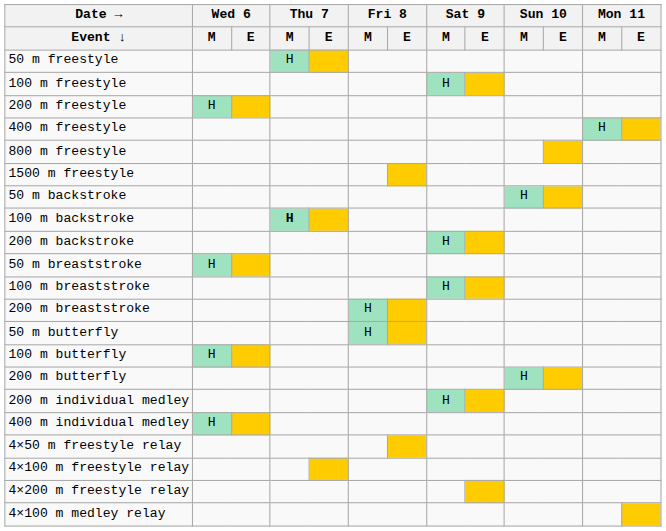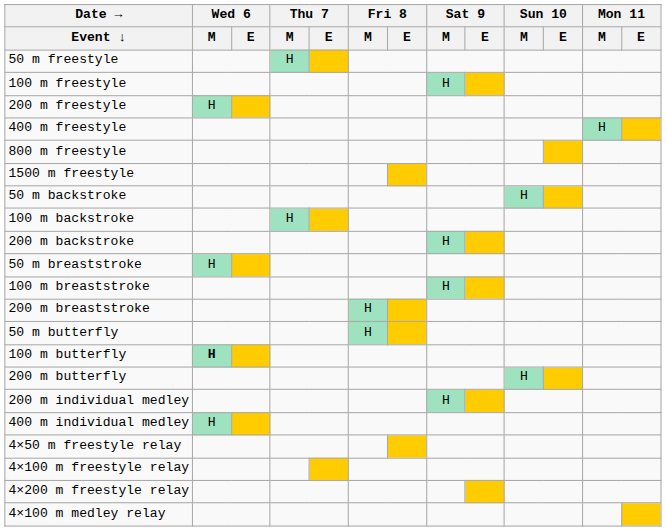 <table class="wikitable" style="margin:0.5em auto; font-size:95%; line-height:1.25em;">
 <tr style="text-align:center;">
 <th>Date →</th>
 <th colspan="2">Wed 6</th>
 <th colspan="2">Thu 7</th>
 <th colspan="2">Fri 8</th>
 <th colspan="2">Sat 9</th>
 <th colspan="2">Sun 10</th>
 <th colspan="2">Mon 11</th>
 </tr>
 <tr>
 <th>Event   ↓</th>
 <th style="width:2.5em;">M</th>
 <th style="width:2.5em;">E</th>
 <th style="width:2.5em;">M</th>
 <th style="width:2.5em;">E</th>
 <th style="width:2.5em;">M</th>
 <th style="width:2.5em;">E</th>
 <th style="width:2.5em;">M</th>
 <th style="width:2.5em;">E</th>
 <th style="width:2.5em;">M</th>
 <th style="width:2.5em;">E</th>
 <th style="width:2.5em;">M</th>
 <th style="width:2.5em;">E</th>
 </tr>
 <tr style="text-align:center;">
 <td style="text-align:left;">50 m freestyle</td>
 <td colspan="2"></td>
 <td style="background-color:#9fe2bf;">H</td>
 <td style="background-color:#ffcc00;"></td>
 <td colspan="2"></td>
 <td colspan="2"></td>
 <td colspan="2"></td>
 <td colspan="2"></td>
 </tr>
 <tr style="text-align:center;">
 <td style="text-align:left;">100 m freestyle</td>
 <td colspan="2"></td>
 <td colspan="2"></td>
 <td colspan="2"></td>
 <td style="background-color:#9fe2bf;">H</td>
 <td style="background-color:#ffcc00;"></td>
 <td colspan="2"></td>
 <td colspan="2"></td>
 </tr>
 <tr style="text-align:center;">
 <td style="text-align:left;">200 m freestyle</td>
 <td style="background-color:#9fe2bf;">H</td>
 <td style="background-color:#ffcc00;"></td>
 <td colspan="2"></td>
 <td colspan="2"></td>
 <td colspan="2"></td>
 <td colspan="2"></td>
 <td colspan="2"></td>
 </tr>
 <tr style="text-align:center;">
 <td style="text-align:left;">400 m freestyle</td>
 <td colspan="2"></td>
 <td colspan="2"></td>
 <td colspan="2"></td>
 <td colspan="2"></td>
 <td colspan="2"></td>
 <td style="background-color:#9fe2bf;">H</td>
 <td style="background-color:#ffcc00;"></td>
 </tr>
 <tr style="text-align:center;">
 <td style="text-align:left;">800 m freestyle</td>
 <td colspan="2"></td>
 <td colspan="2"></td>
 <td colspan="2"></td>
 <td colspan="2"></td>
 <td></td>
 <td style="background-color:#ffcc00;"></td>
 <td colspan="2"></td>
 </tr>
 <tr style="text-align:center;">
 <td style="text-align:left;">1500 m freestyle</td>
 <td colspan="2"></td>
 <td colspan="2"></td>
 <td></td>
 <td style="background-color:#ffcc00;"></td>
 <td colspan="2"></td>
 <td colspan="2"></td>
 <td colspan="2"></td>
 </tr>
 <tr style="text-align:center;">
 <td style="text-align:left;">50 m backstroke</td>
 <td colspan="2"></td>
 <td colspan="2"></td>
 <td colspan="2"></td>
 <td colspan="2"></td>
 <td style="background-color:#9fe2bf;">H</td>
 <td style="background-color:#ffcc00;"></td>
 <td colspan="2"></td>
 </tr>
 <tr style="text-align:center;">
 <td style="text-align:left;">100 m backstroke</td>
 <td colspan="2"></td>
-<td style="background-color:#9fe2bf;"><strong>H</strong></td>
+<td style="background-color:#9fe2bf;">H</td>
 <td style="background-color:#ffcc00;"></td>
 <td colspan="2"></td>
 <td colspan="2"></td>
 <td colspan="2"></td>
 <td colspan="2"></td>
 </tr>
 <tr style="text-align:center;">
 <td style="text-align:left;">200 m backstroke</td>
 <td colspan="2"></td>
 <td colspan="2"></td>
 <td colspan="2"></td>
 <td style="background-color:#9fe2bf;">H</td>
 <td style="background-color:#ffcc00;"></td>
 <td colspan="2"></td>
 <td colspan="2"></td>
 </tr>
 <tr style="text-align:center;">
 <td style="text-align:left;">50 m breaststroke</td>
 <td style="background-color:#9fe2bf;">H</td>
 <td style="background-color:#ffcc00;"></td>
 <td colspan="2"></td>
 <td colspan="2"></td>
 <td colspan="2"></td>
 <td colspan="2"></td>
 <td colspan="2"></td>
 </tr>
 <tr style="text-align:center;">
 <td style="text-align:left;">100 m breaststroke</td>
 <td colspan="2"></td>
 <td colspan="2"></td>
 <td colspan="2"></td>
 <td style="background-color:#9fe2bf;">H</td>
 <td style="background-color:#ffcc00;"></td>
 <td colspan="2"></td>
 <td colspan="2"></td>
 </tr>
 <tr style="text-align:center;">
 <td style="text-align:left;">200 m breaststroke</td>
 <td colspan="2"></td>
 <td colspan="2"></td>
 <td style="background-color:#9fe2bf;">H</td>
 <td style="background-color:#ffcc00;"></td>
 <td colspan="2"></td>
 <td colspan="2"></td>
 <td colspan="2"></td>
 </tr>
 <tr style="text-align:center;">
 <td style="text-align:left;">50 m butterfly</td>
 <td colspan="2"></td>
 <td colspan="2"></td>
 <td style="background-color:#9fe2bf;">H</td>
 <td style="background-color:#ffcc00;"></td>
 <td colspan="2"></td>
 <td colspan="2"></td>
 <td colspan="2"></td>
 </tr>
 <tr style="text-align:center;">
 <td style="text-align:left;">100 m butterfly</td>
-<td style="background-color:#9fe2bf;">H</td>
+<td style="background-color:#9fe2bf;"><strong>H</strong></td>
 <td style="background-color:#ffcc00;"></td>
 <td colspan="2"></td>
 <td colspan="2"></td>
 <td colspan="2"></td>
 <td colspan="2"></td>
 <td colspan="2"></td>
 </tr>
 <tr style="text-align:center;">
 <td style="text-align:left;">200 m butterfly</td>
 <td colspan="2"></td>
 <td colspan="2"></td>
 <td colspan="2"></td>
 <td colspan="2"></td>
 <td style="background-color:#9fe2bf;">H</td>
 <td style="background-color:#ffcc00;"></td>
 <td colspan="2"></td>
 </tr>
 <tr style="text-align:center;">
 <td style="text-align:left;">200 m individual medley</td>
 <td colspan="2"></td>
 <td colspan="2"></td>
 <td colspan="2"></td>
 <td style="background-color:#9fe2bf;">H</td>
 <td style="background-color:#ffcc00;"></td>
 <td colspan="2"></td>
 <td colspan="2"></td>
 </tr>
 <tr style="text-align:center;">
 <td style="text-align:left;">400 m individual medley</td>
 <td style="background-color:#9fe2bf;">H</td>
 <td style="background-color:#ffcc00;"></td>
 <td colspan="2"></td>
 <td colspan="2"></td>
 <td colspan="2"></td>
 <td colspan="2"></td>
 <td colspan="2"></td>
 </tr>
 <tr style="text-align:center;">
 <td style="text-align:left;">4×50 m freestyle relay</td>
 <td colspan="2"></td>
 <td colspan="2"></td>
 <td></td>
 <td style="background-color:#ffcc00;"></td>
 <td colspan="2"></td>
 <td colspan="2"></td>
 <td colspan="2"></td>
 </tr>
 <tr style="text-align:center;">
 <td style="text-align:left;">4×100 m freestyle relay</td>
 <td colspan="2"></td>
 <td></td>
 <td style="background-color:#ffcc00;"></td>
 <td colspan="2"></td>
 <td colspan="2"></td>
 <td colspan="2"></td>
 <td colspan="2"></td>
 </tr>
 <tr style="text-align:center;">
 <td style="text-align:left;">4×200 m freestyle relay</td>
 <td colspan="2"></td>
 <td colspan="2"></td>
 <td colspan="2"></td>
 <td></td>
 <td style="background-color:#ffcc00;"></td>
 <td colspan="2"></td>
 <td colspan="2"></td>
 </tr>
 <tr style="text-align:center;">
 <td style="text-align:left;">4×100 m medley relay</td>
 <td colspan="2"></td>
 <td colspan="2"></td>
 <td colspan="2"></td>
 <td colspan="2"></td>
 <td colspan="2"></td>
 <td></td>
 <td style="background-color:#ffcc00;"></td>
 </tr>
 </table>
